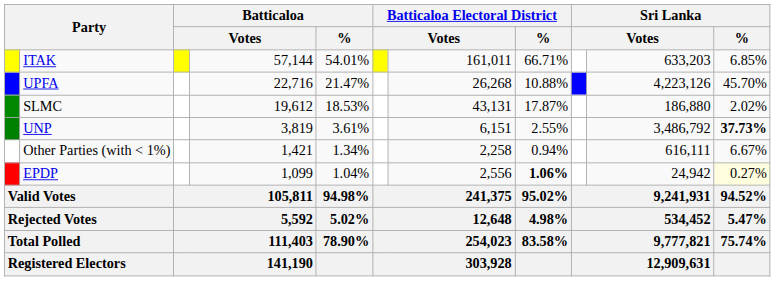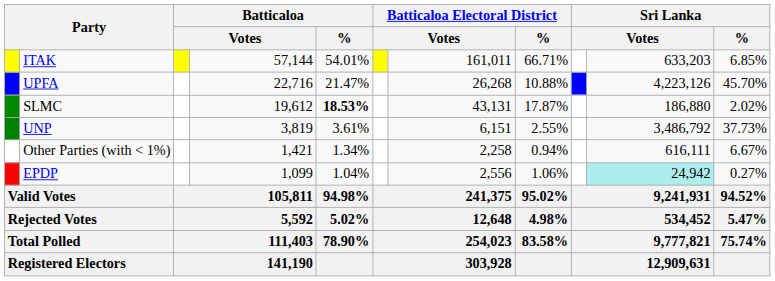 <table class="wikitable">
 <tr>
 <th colspan="2" width="144px"rowspan="2">Party</th>
 <th colspan="3" width="216px">Batticaloa</th>
 <th colspan="3" width="216px"><a href='#'>Batticaloa Electoral District</a></th>
 <th colspan="3" width="216px">Sri Lanka</th>
 </tr>
 <tr>
 <th colspan="2" width="144px">Votes</th>
 <th>%</th>
 <th colspan="2" width="144px">Votes</th>
 <th>%</th>
 <th colspan="2" width="144px">Votes</th>
 <th>%</th>
 </tr>
 <tr>
 <td style="background-color:yellow;" width="10px"></td>
 <td style="text-align:left;"><a href='#'>ITAK</a></td>
 <td style="background-color:yellow;" width="10px"></td>
 <td style="text-align:right;">57,144</td>
 <td style="text-align:right;">54.01%</td>
 <td style="background-color:yellow;" width="10px"></td>
 <td style="text-align:right;">161,011</td>
 <td style="text-align:right;">66.71%</td>
 <td style="background-color:white;" width="10px"></td>
 <td style="text-align:right;">633,203</td>
 <td style="text-align:right;">6.85%</td>
 </tr>
 <tr>
 <td style="background-color:blue;" width="10px"></td>
 <td style="text-align:left;"><a href='#'>UPFA</a></td>
 <td style="background-color:white;" width="10px"></td>
 <td style="text-align:right;">22,716</td>
 <td style="text-align:right;">21.47%</td>
 <td style="background-color:white;" width="10px"></td>
 <td style="text-align:right;">26,268</td>
 <td style="text-align:right;">10.88%</td>
 <td style="background-color:blue;" width="10px"></td>
 <td style="text-align:right;">4,223,126</td>
 <td style="text-align:right;">45.70%</td>
 </tr>
 <tr>
 <td style="background-color:#008800;" width="10px"></td>
 <td style="text-align:left;">SLMC</td>
 <td style="background-color:white;" width="10px"></td>
 <td style="text-align:right;">19,612</td>
-<td style="text-align:right;">18.53%</td>
+<td style="text-align:right;"><strong>18.53%</strong></td>
 <td style="background-color:white;" width="10px"></td>
 <td style="text-align:right;">43,131</td>
 <td style="text-align:right;">17.87%</td>
 <td style="background-color:white;" width="10px"></td>
 <td style="text-align:right;">186,880</td>
 <td style="text-align:right;">2.02%</td>
 </tr>
 <tr>
 <td style="background-color:green;" width="10px"></td>
 <td style="text-align:left;"><a href='#'>UNP</a></td>
 <td style="background-color:white;" width="10px"></td>
 <td style="text-align:right;">3,819</td>
 <td style="text-align:right;">3.61%</td>
 <td style="background-color:white;" width="10px"></td>
 <td style="text-align:right;">6,151</td>
 <td style="text-align:right;">2.55%</td>
 <td style="background-color:white;" width="10px"></td>
 <td style="text-align:right;">3,486,792</td>
-<td style="text-align:right;"><strong>37.73%</strong></td>
+<td style="text-align:right;">37.73%</td>
 </tr>
 <tr>
 <td style="background-color:white;" width="10px"></td>
 <td style="text-align:left;">Other Parties (with < 1%)</td>
 <td style="background-color:white;" width="10px"></td>
 <td style="text-align:right;">1,421</td>
 <td style="text-align:right;">1.34%</td>
 <td style="background-color:white;" width="10px"></td>
 <td style="text-align:right;">2,258</td>
 <td style="text-align:right;">0.94%</td>
 <td style="background-color:white;" width="10px"></td>
 <td style="text-align:right;">616,111</td>
 <td style="text-align:right;">6.67%</td>
 </tr>
 <tr>
 <td style="background-color:red;" width="10px"></td>
 <td style="text-align:left;"><a href='#'>EPDP</a></td>
 <td style="background-color:white;" width="10px"></td>
 <td style="text-align:right;">1,099</td>
 <td style="text-align:right;">1.04%</td>
 <td style="background-color:white;" width="10px"></td>
 <td style="text-align:right;">2,556</td>
-<td style="text-align:right;"><strong>1.06%</strong></td>
+<td style="text-align:right;">1.06%</td>
 <td style="background-color:white;" width="10px"></td>
-<td style="text-align:right;">24,942</td>
-<td style="background: lightyellow; text-align:right;">0.27%</td>
+<td style="background: paleturquoise; text-align:right;">24,942</td>
+<td style="text-align:right;">0.27%</td>
 </tr>
 <tr>
 <th colspan="2" width="144px"style="text-align:left;">Valid Votes</th>
 <th style="text-align:right;"colspan="2" width="144px">105,811</th>
 <th style="text-align:right;">94.98%</th>
 <th style="text-align:right;"colspan="2" width="144px">241,375</th>
 <th style="text-align:right;">95.02%</th>
 <th style="text-align:right;"colspan="2" width="144px">9,241,931</th>
 <th style="text-align:right;">94.52%</th>
 </tr>
 <tr>
 <th colspan="2" width="144px"style="text-align:left;">Rejected Votes</th>
 <th style="text-align:right;"colspan="2" width="144px">5,592</th>
 <th style="text-align:right;">5.02%</th>
 <th style="text-align:right;"colspan="2" width="144px">12,648</th>
 <th style="text-align:right;">4.98%</th>
 <th style="text-align:right;"colspan="2" width="144px">534,452</th>
 <th style="text-align:right;">5.47%</th>
 </tr>
 <tr>
 <th colspan="2" width="144px"style="text-align:left;">Total Polled</th>
 <th style="text-align:right;"colspan="2" width="144px">111,403</th>
 <th style="text-align:right;">78.90%</th>
 <th style="text-align:right;"colspan="2" width="144px">254,023</th>
 <th style="text-align:right;">83.58%</th>
 <th style="text-align:right;"colspan="2" width="144px">9,777,821</th>
 <th style="text-align:right;">75.74%</th>
 </tr>
 <tr>
 <th colspan="2" width="144px"style="text-align:left;">Registered Electors</th>
 <th style="text-align:right;"colspan="2" width="144px">141,190</th>
 <th></th>
 <th style="text-align:right;"colspan="2" width="144px">303,928</th>
 <th></th>
 <th style="text-align:right;"colspan="2" width="144px">12,909,631</th>
 <th></th>
 </tr>
 </table>
